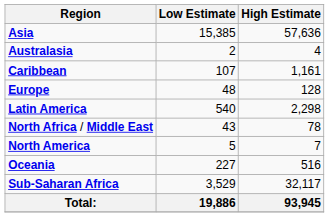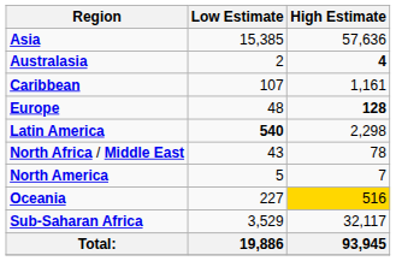 <table class="wikitable sortable" style="width:auto; float:right; clear:right; margin:0 0 0.5em 1em; text-align:right; font-size: 90%;">
 <tr>
 <th>Region</th>
 <th>Low Estimate</th>
 <th>High Estimate</th>
 </tr>
 <tr>
 <td align="left"><strong><a href='#'>Asia</a></strong></td>
 <td>15,385</td>
 <td>57,636</td>
 </tr>
 <tr>
 <td align="left"><strong><a href='#'>Australasia</a></strong></td>
 <td>2</td>
-<td>4</td>
+<td><strong>4</strong></td>
 </tr>
 <tr>
 <td align="left"><strong><a href='#'>Caribbean</a></strong></td>
 <td>107</td>
 <td>1,161</td>
 </tr>
 <tr>
 <td align="left"><strong><a href='#'>Europe</a></strong></td>
 <td>48</td>
-<td>128</td>
+<td><strong>128</strong></td>
 </tr>
 <tr>
 <td align="left"><strong><a href='#'>Latin America</a></strong></td>
-<td>540</td>
+<td><strong>540</strong></td>
 <td>2,298</td>
 </tr>
 <tr>
 <td align="left"><strong><a href='#'>North Africa</a></strong> / <strong><a href='#'>Middle East</a></strong></td>
 <td>43</td>
 <td>78</td>
 </tr>
 <tr>
 <td align="left"><strong><a href='#'>North America</a></strong></td>
 <td>5</td>
 <td>7</td>
 </tr>
 <tr>
 <td align="left"><strong><a href='#'>Oceania</a></strong></td>
 <td>227</td>
-<td>516</td>
+<td style="background: gold;">516</td>
 </tr>
 <tr>
 <td align="left"><strong><a href='#'>Sub-Saharan Africa</a></strong></td>
 <td>3,529</td>
 <td>32,117</td>
 </tr>
 <tr>
 <th style="text-align:center" class="unsortable">Total:</th>
 <th style="text-align:right" class="unsortable">19,886</th>
 <th style="text-align:right" class="unsortable">93,945</th>
 </tr>
 <tr>
 </tr>
 </table>
